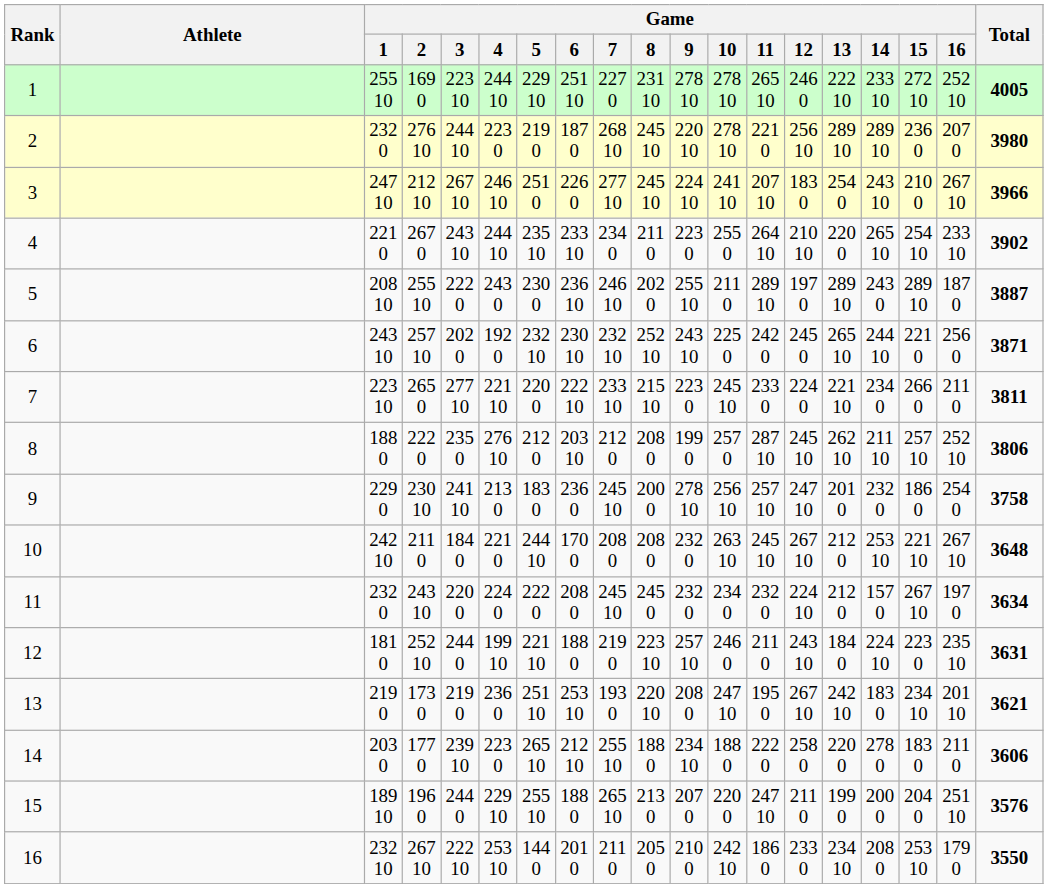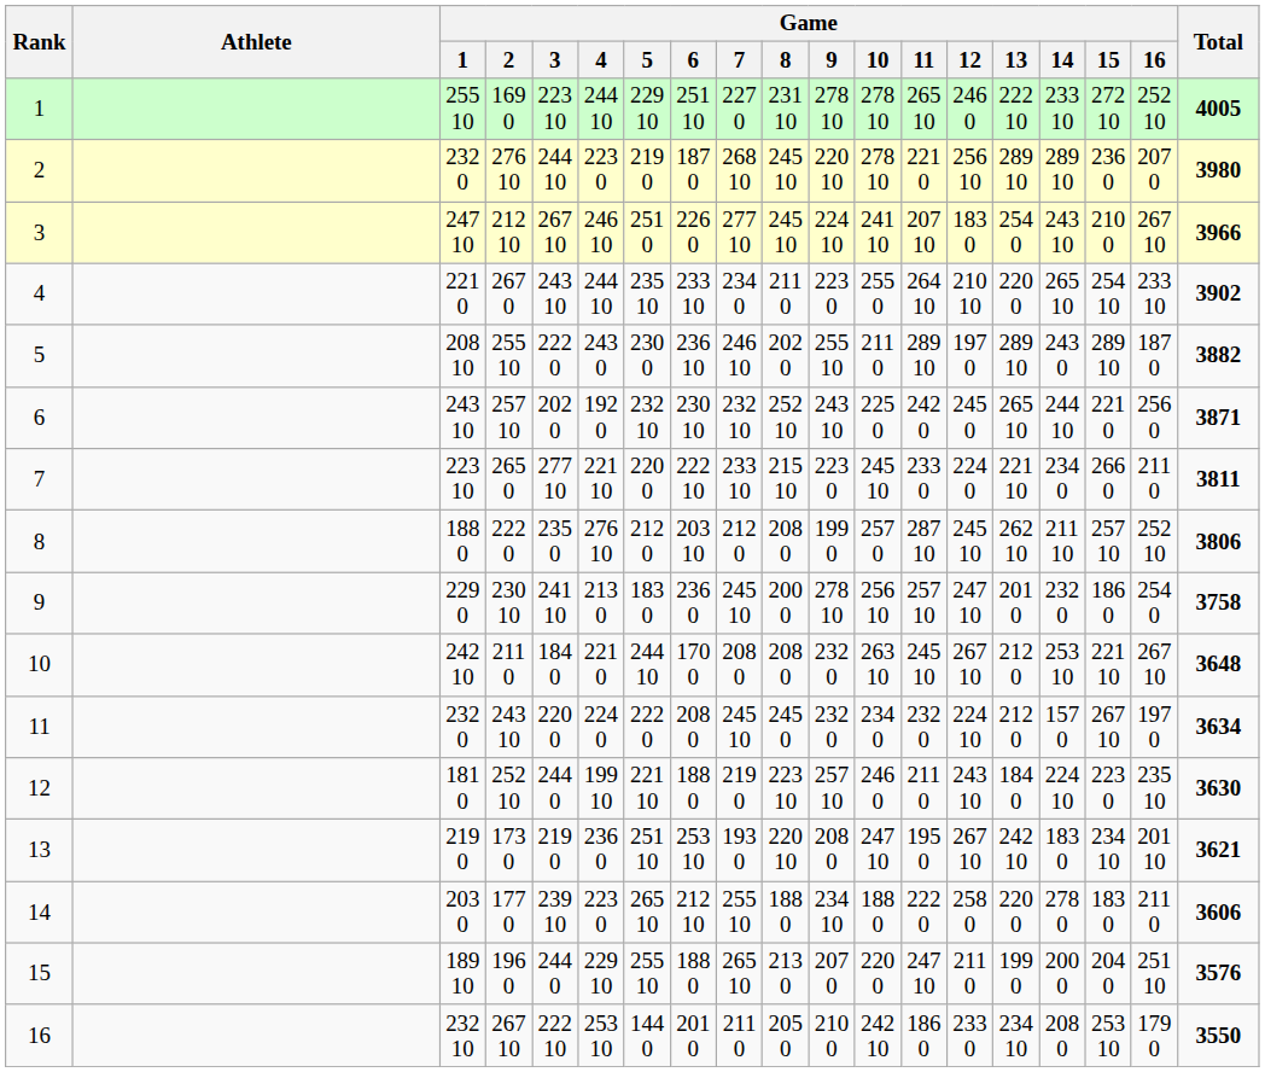 <table class=wikitable style="text-align:center">
 <tr>
 <th rowspan="2" width=40>Rank</th>
 <th rowspan="2" width=250>Athlete</th>
 <th colspan="16">Game</th>
 <th rowspan="2" width=50>Total</th>
 </tr>
 <tr>
 <th width=25>1</th>
 <th width=25>2</th>
 <th width=25>3</th>
 <th width=25>4</th>
 <th width=25>5</th>
 <th width=25>6</th>
 <th width=25>7</th>
 <th width=25>8</th>
 <th width=25>9</th>
 <th width=25>10</th>
 <th width=25>11</th>
 <th width=25>12</th>
 <th width=25>13</th>
 <th width=25>14</th>
 <th width=25>15</th>
 <th width=25>16</th>
 </tr>
 <tr bgcolor="#ccffcc">
 <td>1</td>
 <td align=left></td>
 <td>255<br>10</td>
 <td>169<br>0</td>
 <td>223<br>10</td>
 <td>244<br>10</td>
 <td>229<br>10</td>
 <td>251<br>10</td>
 <td>227<br>0</td>
 <td>231<br>10</td>
 <td>278<br>10</td>
 <td>278<br>10</td>
 <td>265<br>10</td>
 <td>246<br>0</td>
 <td>222<br>10</td>
 <td>233<br>10</td>
 <td>272<br>10</td>
 <td>252<br>10</td>
 <td><strong>4005</strong></td>
 </tr>
 <tr bgcolor="#ffffcc">
 <td>2</td>
 <td align=left></td>
 <td>232<br>0</td>
 <td>276<br>10</td>
 <td>244<br>10</td>
 <td>223<br>0</td>
 <td>219<br>0</td>
 <td>187<br>0</td>
 <td>268<br>10</td>
 <td>245<br>10</td>
 <td>220<br>10</td>
 <td>278<br>10</td>
 <td>221<br>0</td>
 <td>256<br>10</td>
 <td>289<br>10</td>
 <td>289<br>10</td>
 <td>236<br>0</td>
 <td>207<br>0</td>
 <td><strong>3980</strong></td>
 </tr>
 <tr bgcolor="#ffffcc">
 <td>3</td>
 <td align=left></td>
 <td>247<br>10</td>
 <td>212<br>10</td>
 <td>267<br>10</td>
 <td>246<br>10</td>
 <td>251<br>0</td>
 <td>226<br>0</td>
 <td>277<br>10</td>
 <td>245<br>10</td>
 <td>224<br>10</td>
 <td>241<br>10</td>
 <td>207<br>10</td>
 <td>183<br>0</td>
 <td>254<br>0</td>
 <td>243<br>10</td>
 <td>210<br>0</td>
 <td>267<br>10</td>
 <td><strong>3966</strong></td>
 </tr>
 <tr>
 <td>4</td>
 <td align=left></td>
 <td>221<br>0</td>
 <td>267<br>0</td>
 <td>243<br>10</td>
 <td>244<br>10</td>
 <td>235<br>10</td>
 <td>233<br>10</td>
 <td>234<br>0</td>
 <td>211<br>0</td>
 <td>223<br>0</td>
 <td>255<br>0</td>
 <td>264<br>10</td>
 <td>210<br>10</td>
 <td>220<br>0</td>
 <td>265<br>10</td>
 <td>254<br>10</td>
 <td>233<br>10</td>
 <td><strong>3902</strong></td>
 </tr>
 <tr>
 <td>5</td>
 <td align=left></td>
 <td>208<br>10</td>
 <td>255<br>10</td>
 <td>222<br>0</td>
 <td>243<br>0</td>
 <td>230<br>0</td>
 <td>236<br>10</td>
 <td>246<br>10</td>
 <td>202<br>0</td>
 <td>255<br>10</td>
 <td>211<br>0</td>
 <td>289<br>10</td>
 <td>197<br>0</td>
 <td>289<br>10</td>
 <td>243<br>0</td>
 <td>289<br>10</td>
 <td>187<br>0</td>
-<td><strong>3887</strong></td>
+<td><strong>3882</strong></td>
 </tr>
 <tr>
 <td>6</td>
 <td align=left></td>
 <td>243<br>10</td>
 <td>257<br>10</td>
 <td>202<br>0</td>
 <td>192<br>0</td>
 <td>232<br>10</td>
 <td>230<br>10</td>
 <td>232<br>10</td>
 <td>252<br>10</td>
 <td>243<br>10</td>
 <td>225<br>0</td>
 <td>242<br>0</td>
 <td>245<br>0</td>
 <td>265<br>10</td>
 <td>244<br>10</td>
 <td>221<br>0</td>
 <td>256<br>0</td>
 <td><strong>3871</strong></td>
 </tr>
 <tr>
 <td>7</td>
 <td align=left></td>
 <td>223<br>10</td>
 <td>265<br>0</td>
 <td>277<br>10</td>
 <td>221<br>10</td>
 <td>220<br>0</td>
 <td>222<br>10</td>
 <td>233<br>10</td>
 <td>215<br>10</td>
 <td>223<br>0</td>
 <td>245<br>10</td>
 <td>233<br>0</td>
 <td>224<br>0</td>
 <td>221<br>10</td>
 <td>234<br>0</td>
 <td>266<br>0</td>
 <td>211<br>0</td>
 <td><strong>3811</strong></td>
 </tr>
 <tr>
 <td>8</td>
 <td align=left></td>
 <td>188<br>0</td>
 <td>222<br>0</td>
 <td>235<br>0</td>
 <td>276<br>10</td>
 <td>212<br>0</td>
 <td>203<br>10</td>
 <td>212<br>0</td>
 <td>208<br>0</td>
 <td>199<br>0</td>
 <td>257<br>0</td>
 <td>287<br>10</td>
 <td>245<br>10</td>
 <td>262<br>10</td>
 <td>211<br>10</td>
 <td>257<br>10</td>
 <td>252<br>10</td>
 <td><strong>3806</strong></td>
 </tr>
 <tr>
 <td>9</td>
 <td align=left></td>
 <td>229<br>0</td>
 <td>230<br>10</td>
 <td>241<br>10</td>
 <td>213<br>0</td>
 <td>183<br>0</td>
 <td>236<br>0</td>
 <td>245<br>10</td>
 <td>200<br>0</td>
 <td>278<br>10</td>
 <td>256<br>10</td>
 <td>257<br>10</td>
 <td>247<br>10</td>
 <td>201<br>0</td>
 <td>232<br>0</td>
 <td>186<br>0</td>
 <td>254<br>0</td>
 <td><strong>3758</strong></td>
 </tr>
 <tr>
 <td>10</td>
 <td align=left></td>
 <td>242<br>10</td>
 <td>211<br>0</td>
 <td>184<br>0</td>
 <td>221<br>0</td>
 <td>244<br>10</td>
 <td>170<br>0</td>
 <td>208<br>0</td>
 <td>208<br>0</td>
 <td>232<br>0</td>
 <td>263<br>10</td>
 <td>245<br>10</td>
 <td>267<br>10</td>
 <td>212<br>0</td>
 <td>253<br>10</td>
 <td>221<br>10</td>
 <td>267<br>10</td>
 <td><strong>3648</strong></td>
 </tr>
 <tr>
 <td>11</td>
 <td align=left></td>
 <td>232<br>0</td>
 <td>243<br>10</td>
 <td>220<br>0</td>
 <td>224<br>0</td>
 <td>222<br>0</td>
 <td>208<br>0</td>
 <td>245<br>10</td>
 <td>245<br>0</td>
 <td>232<br>0</td>
 <td>234<br>0</td>
 <td>232<br>0</td>
 <td>224<br>10</td>
 <td>212<br>0</td>
 <td>157<br>0</td>
 <td>267<br>10</td>
 <td>197<br>0</td>
 <td><strong>3634</strong></td>
 </tr>
 <tr>
 <td>12</td>
 <td align=left></td>
 <td>181<br>0</td>
 <td>252<br>10</td>
 <td>244<br>0</td>
 <td>199<br>10</td>
 <td>221<br>10</td>
 <td>188<br>0</td>
 <td>219<br>0</td>
 <td>223<br>10</td>
 <td>257<br>10</td>
 <td>246<br>0</td>
 <td>211<br>0</td>
 <td>243<br>10</td>
 <td>184<br>0</td>
 <td>224<br>10</td>
 <td>223<br>0</td>
 <td>235<br>10</td>
-<td><strong>3631</strong></td>
+<td><strong>3630</strong></td>
 </tr>
 <tr>
 <td>13</td>
 <td align=left></td>
 <td>219<br>0</td>
 <td>173<br>0</td>
 <td>219<br>0</td>
 <td>236<br>0</td>
 <td>251<br>10</td>
 <td>253<br>10</td>
 <td>193<br>0</td>
 <td>220<br>10</td>
 <td>208<br>0</td>
 <td>247<br>10</td>
 <td>195<br>0</td>
 <td>267<br>10</td>
 <td>242<br>10</td>
 <td>183<br>0</td>
 <td>234<br>10</td>
 <td>201<br>10</td>
 <td><strong>3621</strong></td>
 </tr>
 <tr>
 <td>14</td>
 <td align=left></td>
 <td>203<br>0</td>
 <td>177<br>0</td>
 <td>239<br>10</td>
 <td>223<br>0</td>
 <td>265<br>10</td>
 <td>212<br>10</td>
 <td>255<br>10</td>
 <td>188<br>0</td>
 <td>234<br>10</td>
 <td>188<br>0</td>
 <td>222<br>0</td>
 <td>258<br>0</td>
 <td>220<br>0</td>
 <td>278<br>0</td>
 <td>183<br>0</td>
 <td>211<br>0</td>
 <td><strong>3606</strong></td>
 </tr>
 <tr>
 <td>15</td>
 <td align=left></td>
 <td>189<br>10</td>
 <td>196<br>0</td>
 <td>244<br>0</td>
 <td>229<br>10</td>
 <td>255<br>10</td>
 <td>188<br>0</td>
 <td>265<br>10</td>
 <td>213<br>0</td>
 <td>207<br>0</td>
 <td>220<br>0</td>
 <td>247<br>10</td>
 <td>211<br>0</td>
 <td>199<br>0</td>
 <td>200<br>0</td>
 <td>204<br>0</td>
 <td>251<br>10</td>
 <td><strong>3576</strong></td>
 </tr>
 <tr>
 <td>16</td>
 <td align=left></td>
 <td>232<br>10</td>
 <td>267<br>10</td>
 <td>222<br>10</td>
 <td>253<br>10</td>
 <td>144<br>0</td>
 <td>201<br>0</td>
 <td>211<br>0</td>
 <td>205<br>0</td>
 <td>210<br>0</td>
 <td>242<br>10</td>
 <td>186<br>0</td>
 <td>233<br>0</td>
 <td>234<br>10</td>
 <td>208<br>0</td>
 <td>253<br>10</td>
 <td>179<br>0</td>
 <td><strong>3550</strong></td>
 </tr>
 </table>
